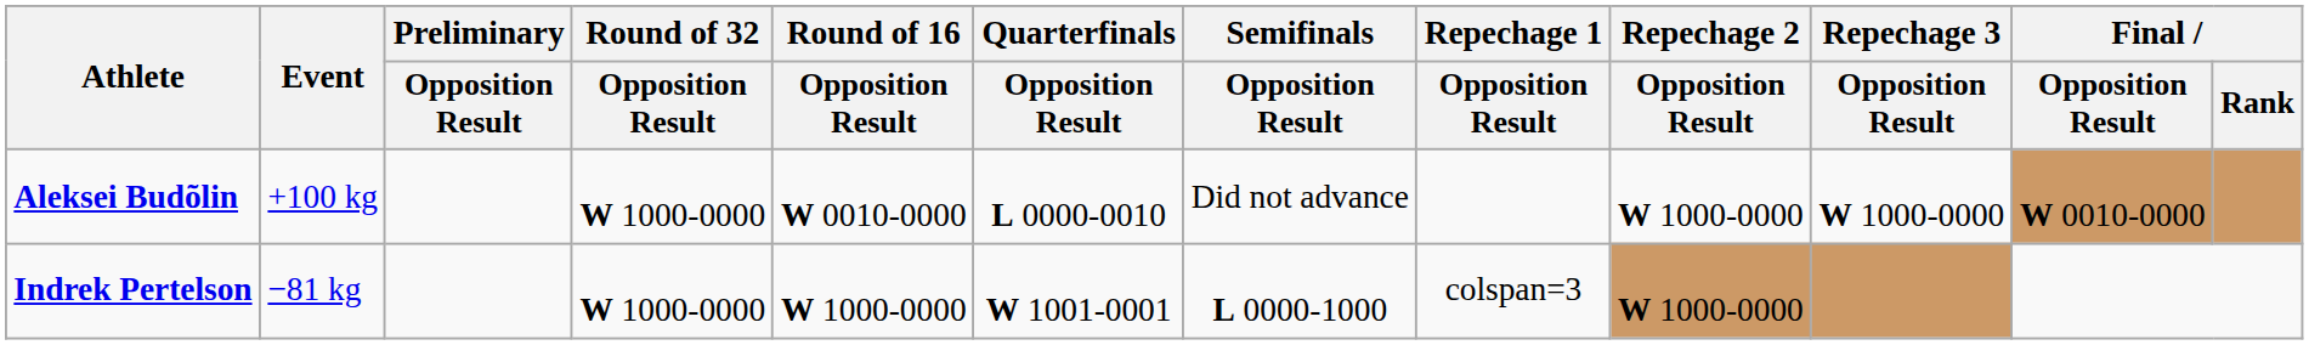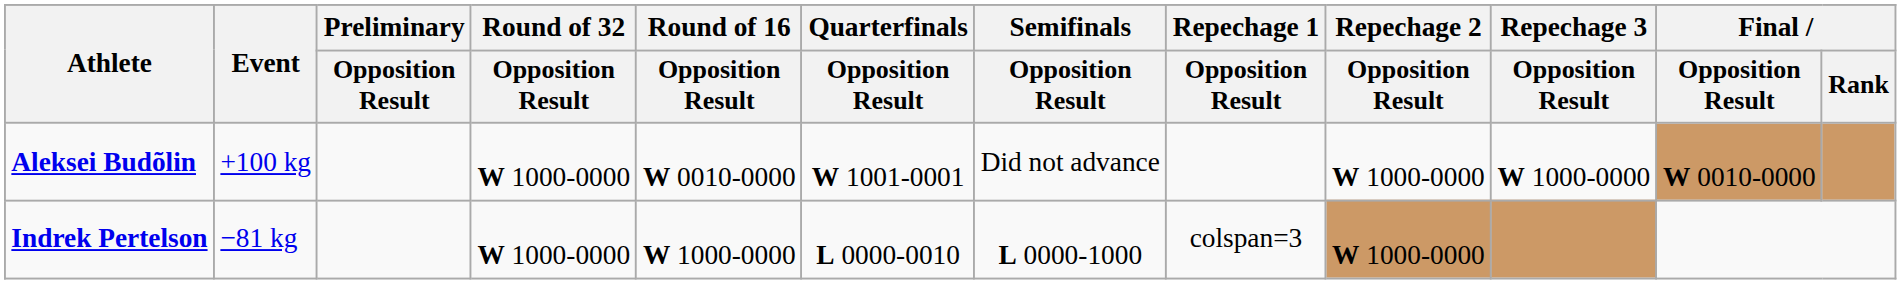 <table class="wikitable" style="font-size:90%">
 <tr>
 <th rowspan="2">Athlete</th>
 <th rowspan="2">Event</th>
 <th>Preliminary</th>
 <th>Round of 32</th>
 <th>Round of 16</th>
 <th>Quarterfinals</th>
 <th>Semifinals</th>
 <th>Repechage 1</th>
 <th>Repechage 2</th>
 <th>Repechage 3</th>
 <th colspan=2>Final / </th>
 </tr>
 <tr style="font-size:95%">
 <th>Opposition<br>Result</th>
 <th>Opposition<br>Result</th>
 <th>Opposition<br>Result</th>
 <th>Opposition<br>Result</th>
 <th>Opposition<br>Result</th>
 <th>Opposition<br>Result</th>
 <th>Opposition<br>Result</th>
 <th>Opposition<br>Result</th>
 <th>Opposition<br>Result</th>
 <th>Rank</th>
 </tr>
 <tr align=center>
 <td align=left><strong><a href='#'>Aleksei Budõlin</a></strong></td>
 <td align=left><a href='#'>+100 kg</a></td>
 <td></td>
 <td><br><strong>W</strong> 1000-0000</td>
 <td><br><strong>W</strong> 0010-0000</td>
-<td><br><strong>L</strong> 0000-0010</td>
+<td><br><strong>W</strong> 1001-0001</td>
 <td colspan=1>Did not advance</td>
 <td></td>
 <td><br><strong>W</strong> 1000-0000</td>
 <td><br><strong>W</strong> 1000-0000</td>
 <td align="center" bgcolor='cc9966'><br><strong>W</strong> 0010-0000</td>
 <td align="center" bgcolor='cc9966'></td>
 </tr>
 <tr align=center>
 <td align=left><strong><a href='#'>Indrek Pertelson</a></strong></td>
 <td align=left><a href='#'>−81 kg</a></td>
 <td></td>
 <td><br><strong>W</strong> 1000-0000</td>
 <td><br><strong>W</strong> 1000-0000</td>
-<td><br><strong>W</strong> 1001-0001</td>
+<td><br><strong>L</strong> 0000-0010</td>
 <td><br><strong>L</strong> 0000-1000</td>
 <td>colspan=3 </td>
 <td align="center" bgcolor='cc9966'><br><strong>W</strong> 1000-0000</td>
 <td align="center" bgcolor='cc9966'></td>
 </tr>
 </table>
